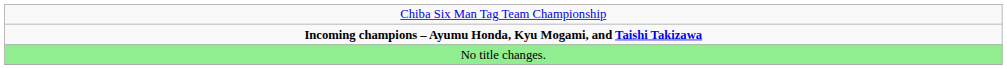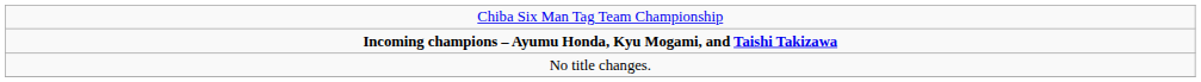 <table class="wikitable" style="text-align:center; width:100%;">
 <tr>
 <td colspan="5" style="text-align: center;"><a href='#'>Chiba Six Man Tag Team Championship</a></td>
 </tr>
 <tr>
 <td colspan="5" style="text-align: center;"><strong>Incoming champions – Ayumu Honda, Kyu Mogami, and <a href='#'>Taishi Takizawa</a></strong></td>
 </tr>
 <tr>
-<td style="background: lightgreen;">No title changes.</td>
+<td>No title changes.</td>
 </tr>
 <tr>
 </tr>
 </table>
